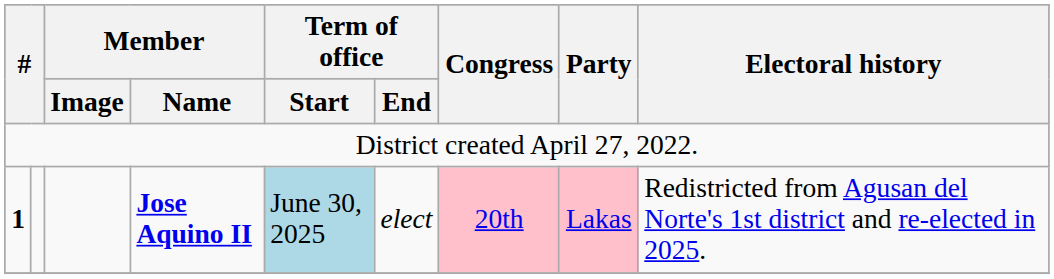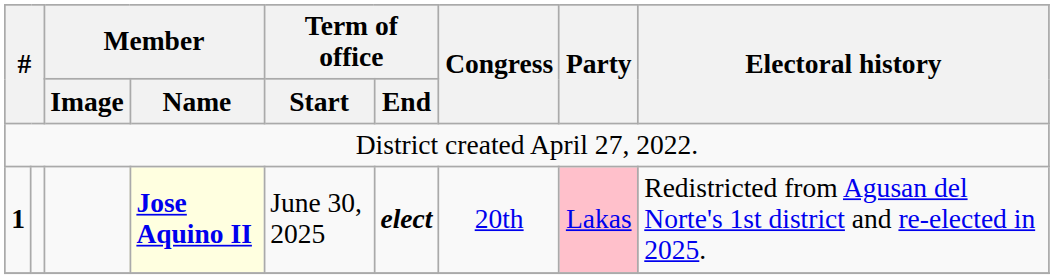 <table class="wikitable">
 <tr>
 <th colspan="2" rowspan="2">#</th>
 <th colspan="2">Member</th>
 <th colspan="2">Term of office</th>
 <th rowspan="2">Congress</th>
 <th rowspan="2">Party</th>
 <th rowspan="2">Electoral history</th>
 </tr>
 <tr>
 <th>Image</th>
 <th>Name</th>
 <th>Start</th>
 <th>End</th>
 </tr>
 <tr>
 <td align="center" colspan="9">District created April 27, 2022.</td>
 </tr>
 <tr>
 <td rowspan="1" style="text-align:center;"><strong>1</strong></td>
 <td style="color:inherit;background:"></td>
 <td></td>
-<td rowspan="1"><strong><a href='#'>Jose Aquino II</a></strong></td>
-<td rowspan="1" style="background: lightblue;">June 30, 2025</td>
-<td rowspan="1"><em>elect</td>
-<td style="background: pink; text-align:center;"><a href='#'>20th</a></td>
+<td rowspan="1" style="background: lightyellow;"><strong><a href='#'>Jose Aquino II</a></strong></td>
+<td rowspan="1">June 30, 2025</td>
+<td rowspan="1"><strong><em>elect</strong></td>
+<td style="text-align:center;"><a href='#'>20th</a></td>
 <td style="background: pink;"><a href='#'>Lakas</a></td>
 <td>Redistricted from <a href='#'>Agusan del Norte's 1st district</a> and <a href='#'>re-elected in 2025</a>.</td>
 </tr>
 <tr>
 </tr>
 </table>
